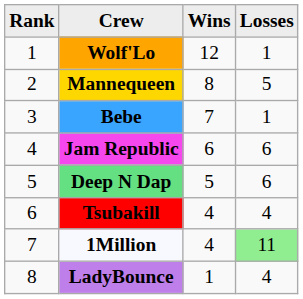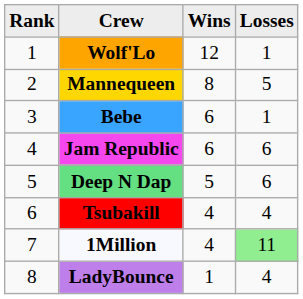 <table class="wikitable" style="text-align:center; font-size:90%">
 <tr>
 <th style="background:#EDEDED">Rank</th>
 <th style="background:#EDEDED">Crew</th>
 <th style="background:#EDEDED">Wins</th>
 <th style="background:#EDEDED">Losses</th>
 </tr>
 <tr>
 <td>1</td>
 <td style="background:orange"><strong>Wolf'Lo</strong></td>
 <td>12</td>
 <td>1</td>
 </tr>
 <tr>
 <td>2</td>
 <td style="background:gold"><strong>Mannequeen</strong></td>
 <td>8</td>
 <td>5</td>
 </tr>
 <tr>
 <td>3</td>
 <td style="background:#3AA5FF "><strong>Bebe</strong></td>
-<td>7</td>
+<td>6</td>
 <td>1</td>
 </tr>
 <tr>
 <td>4</td>
 <td style="background:#F646EE "><strong>Jam Republic</strong></td>
 <td>6</td>
 <td>6</td>
 </tr>
 <tr>
 <td>5</td>
 <td style="background:#64E082"><strong>Deep N Dap</strong></td>
 <td>5</td>
 <td>6</td>
 </tr>
 <tr>
 <td>6</td>
 <td style="background:red"><strong>Tsubakill</strong></td>
 <td>4</td>
 <td>4</td>
 </tr>
 <tr>
 <td>7</td>
 <td style="background:#F8F8FF "><strong>1Million</strong></td>
 <td>4</td>
 <td style="background: lightgreen;">11</td>
 </tr>
 <tr>
 <td>8</td>
 <td style="background:#BF7FEB "><strong>LadyBounce</strong></td>
 <td>1</td>
 <td>4</td>
 </tr>
 </table>
